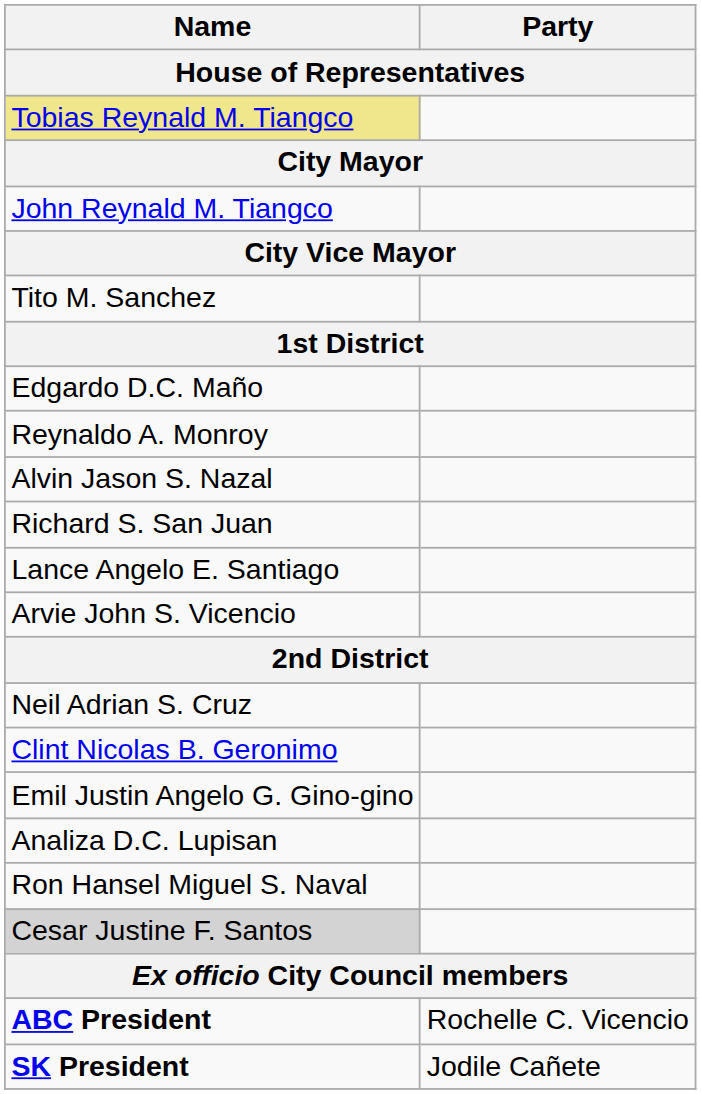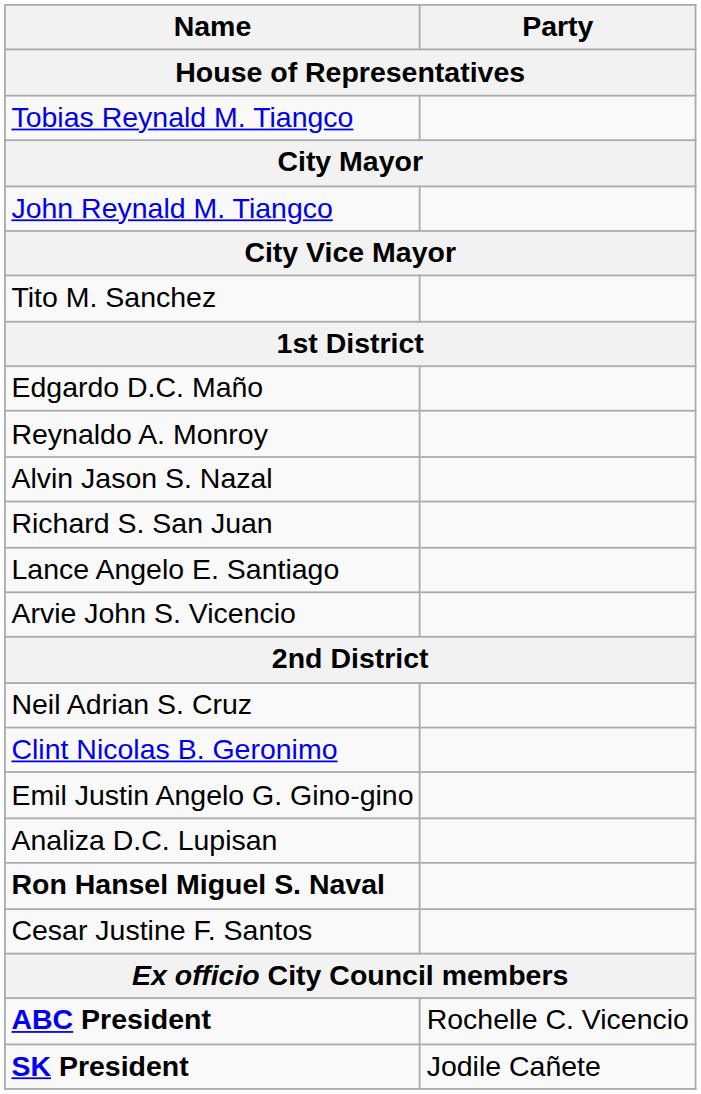 <table class=wikitable>
 <tr>
 <th>Name</th>
 <th colspan=2>Party</th>
 </tr>
 <tr>
 <th colspan=3>House of Representatives</th>
 </tr>
 <tr>
-<td style="background: khaki;"><a href='#'>Tobias Reynald M. Tiangco</a></td>
+<td><a href='#'>Tobias Reynald M. Tiangco</a></td>
 <td></td>
 </tr>
 <tr>
 <th colspan=3>City Mayor</th>
 </tr>
 <tr>
 <td><a href='#'>John Reynald M. Tiangco</a></td>
 <td></td>
 </tr>
 <tr>
 <th colspan=3>City Vice Mayor</th>
 </tr>
 <tr>
 <td>Tito M. Sanchez</td>
 <td></td>
 </tr>
 <tr>
 <th colspan=3>1st District</th>
 </tr>
 <tr>
 <td>Edgardo D.C. Maño</td>
 <td></td>
 </tr>
 <tr>
 <td>Reynaldo A. Monroy</td>
 <td></td>
 </tr>
 <tr>
 <td>Alvin Jason S. Nazal</td>
 <td></td>
 </tr>
 <tr>
 <td>Richard S. San Juan</td>
 <td></td>
 </tr>
 <tr>
 <td>Lance Angelo E. Santiago</td>
 <td></td>
 </tr>
 <tr>
 <td>Arvie John S. Vicencio</td>
 <td></td>
 </tr>
 <tr>
 <th colspan=3>2nd District</th>
 </tr>
 <tr>
 <td>Neil Adrian S. Cruz</td>
 <td></td>
 </tr>
 <tr>
 <td><a href='#'>Clint Nicolas B. Geronimo</a></td>
 <td></td>
 </tr>
 <tr>
 <td>Emil Justin Angelo G. Gino-gino</td>
 <td></td>
 </tr>
 <tr>
 <td>Analiza D.C. Lupisan</td>
 <td></td>
 </tr>
 <tr>
-<td>Ron Hansel Miguel S. Naval</td>
+<td><strong>Ron Hansel Miguel S. Naval</strong></td>
 <td></td>
 </tr>
 <tr>
-<td style="background: lightgrey;">Cesar Justine F. Santos</td>
+<td>Cesar Justine F. Santos</td>
 <td></td>
 </tr>
 <tr>
 <th colspan=4><em>Ex officio</em> City Council members</th>
 </tr>
 <tr>
 <td><strong><a href='#'>ABC</a> President</strong></td>
 <td colspan=3>Rochelle C. Vicencio<br></td>
 </tr>
 <tr>
 <td><strong><a href='#'>SK</a> President</strong></td>
 <td colspan=3>Jodile Cañete<br></td>
 </tr>
 </table>
